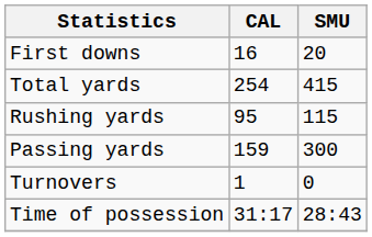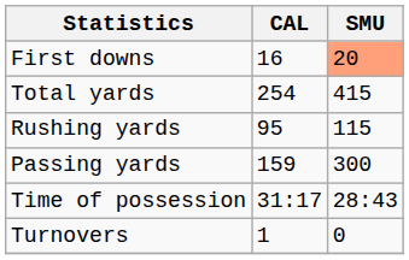 <table class="wikitable" style="float: left;">
 <tr>
 <th>Statistics</th>
 <th>CAL</th>
 <th>SMU</th>
 </tr>
 <tr>
 <td>First downs</td>
 <td>16</td>
-<td>20</td>
+<td style="background: lightsalmon;">20</td>
 </tr>
 <tr>
 <td>Total yards</td>
 <td>254</td>
 <td>415</td>
 </tr>
 <tr>
 <td>Rushing yards</td>
 <td>95</td>
 <td>115</td>
 </tr>
 <tr>
 <td>Passing yards</td>
 <td>159</td>
 <td>300</td>
 </tr>
 <tr>
+<td>Time of possession</td>
+<td>31:17</td>
+<td>28:43</td>
+</tr>
+<tr>
 <td>Turnovers</td>
 <td>1</td>
 <td>0</td>
 </tr>
 <tr>
-<td>Time of possession</td>
-<td>31:17</td>
-<td>28:43</td>
-</tr>
-<tr>
 </tr>
 </table>
